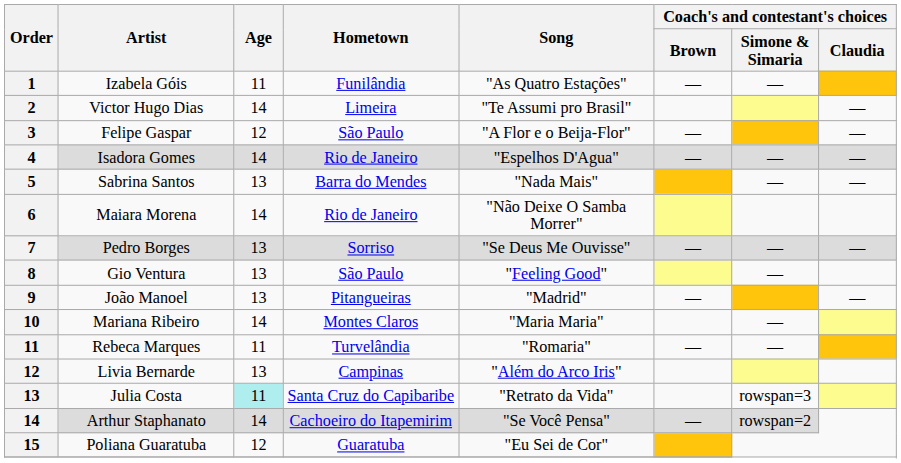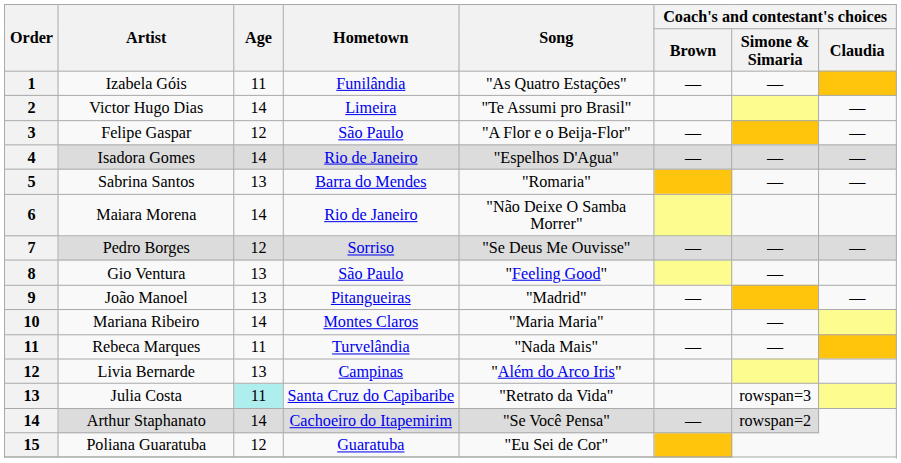 <table class="wikitable" style="text-align:center; line-height:17px; width:100%;">
 <tr>
 <th scope="col" rowspan=2 width="04%">Order</th>
 <th scope="col" rowspan=2 width="18%">Artist</th>
 <th scope="col" rowspan=2 width="05%">Age</th>
 <th scope="col" rowspan=2 width="18%">Hometown</th>
 <th scope="col" rowspan=2 width="20%">Song</th>
 <th scope="col" colspan=3 width="24%">Coach's and contestant's choices</th>
 </tr>
 <tr>
 <th width="08%">Brown</th>
 <th width="08%">Simone & Simaria</th>
 <th width="08%">Claudia</th>
 </tr>
 <tr>
 <th>1</th>
 <td>Izabela Góis</td>
 <td>11</td>
 <td><a href='#'>Funilândia</a></td>
 <td>"As Quatro Estações"</td>
 <td>—</td>
 <td>—</td>
 <td bgcolor=FFC40C><strong></strong></td>
 </tr>
 <tr>
 <th>2</th>
 <td>Victor Hugo Dias</td>
 <td>14</td>
 <td><a href='#'>Limeira</a></td>
 <td>"Te Assumi pro Brasil"</td>
 <td><strong></strong></td>
 <td bgcolor=FDFC8F><strong></strong></td>
 <td>—</td>
 </tr>
 <tr>
 <th>3</th>
 <td>Felipe Gaspar</td>
 <td>12</td>
 <td><a href='#'>São Paulo</a></td>
 <td>"A Flor e o Beija-Flor"</td>
 <td>—</td>
 <td bgcolor=FFC40C><strong></strong></td>
 <td>—</td>
 </tr>
 <tr bgcolor=DCDCDC>
 <th>4</th>
 <td>Isadora Gomes</td>
 <td>14</td>
 <td><a href='#'>Rio de Janeiro</a></td>
 <td>"Espelhos D'Agua"</td>
 <td>—</td>
 <td>—</td>
 <td>—</td>
 </tr>
 <tr>
 <th>5</th>
 <td>Sabrina Santos</td>
 <td>13</td>
 <td><a href='#'>Barra do Mendes</a></td>
-<td>"Nada Mais"</td>
+<td>"Romaria"</td>
 <td bgcolor=FFC40C><strong></strong></td>
 <td>—</td>
 <td>—</td>
 </tr>
 <tr>
 <th>6</th>
 <td>Maiara Morena</td>
 <td>14</td>
 <td><a href='#'>Rio de Janeiro</a></td>
 <td>"Não Deixe O Samba Morrer"</td>
 <td bgcolor=FDFC8F><strong></strong></td>
 <td><strong></strong></td>
 <td><strong></strong></td>
 </tr>
 <tr bgcolor=DCDCDC>
 <th>7</th>
 <td>Pedro Borges</td>
-<td>13</td>
+<td>12</td>
 <td><a href='#'>Sorriso</a></td>
 <td>"Se Deus Me Ouvisse"</td>
 <td>—</td>
 <td>—</td>
 <td>—</td>
 </tr>
 <tr>
 <th>8</th>
 <td>Gio Ventura</td>
 <td>13</td>
 <td><a href='#'>São Paulo</a></td>
 <td>"<a href='#'>Feeling Good</a>"</td>
 <td bgcolor=FDFC8F><strong></strong></td>
 <td>—</td>
 <td></td>
 </tr>
 <tr>
 <th>9</th>
 <td>João Manoel</td>
 <td>13</td>
 <td><a href='#'>Pitangueiras</a></td>
 <td>"Madrid"</td>
 <td>—</td>
 <td bgcolor=FFC40C><strong></strong></td>
 <td>—</td>
 </tr>
 <tr>
 <th>10</th>
 <td>Mariana Ribeiro</td>
 <td>14</td>
 <td><a href='#'>Montes Claros</a></td>
 <td>"Maria Maria"</td>
 <td><strong></strong></td>
 <td>—</td>
 <td bgcolor=FDFC8F><strong></strong></td>
 </tr>
 <tr>
 <th>11</th>
 <td>Rebeca Marques</td>
 <td>11</td>
 <td><a href='#'>Turvelândia</a></td>
-<td>"Romaria"</td>
+<td>"Nada Mais"</td>
 <td>—</td>
 <td>—</td>
 <td bgcolor=FFC40C><strong></strong></td>
 </tr>
 <tr>
 <th>12</th>
 <td>Livia Bernarde</td>
 <td>13</td>
 <td><a href='#'>Campinas</a></td>
 <td>"<a href='#'>Além do Arco Iris</a>"</td>
 <td><strong></strong></td>
 <td bgcolor=FDFC8F><strong></strong></td>
 <td><strong></strong></td>
 </tr>
 <tr>
 <th>13</th>
 <td>Julia Costa</td>
 <td style="background: paleturquoise;">11</td>
 <td><a href='#'>Santa Cruz do Capibaribe</a></td>
 <td>"Retrato da Vida"</td>
 <td><strong></strong></td>
 <td>rowspan=3 </td>
 <td bgcolor=FDFC8F><strong></strong></td>
 </tr>
 <tr bgcolor=DCDCDC>
 <th>14</th>
 <td>Arthur Staphanato</td>
 <td>14</td>
 <td><a href='#'>Cachoeiro do Itapemirim</a></td>
 <td>"Se Você Pensa"</td>
 <td>—</td>
 <td>rowspan=2 </td>
 </tr>
 <tr>
 <th>15</th>
 <td>Poliana Guaratuba</td>
 <td>12</td>
 <td><a href='#'>Guaratuba</a></td>
 <td>"Eu Sei de Cor"</td>
 <td bgcolor=FFC40C><strong></strong></td>
 </tr>
 <tr>
 </tr>
 </table>
